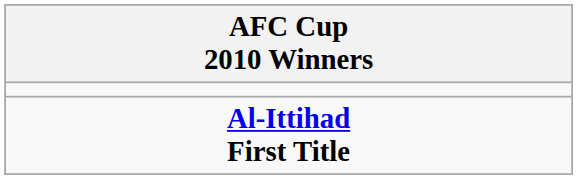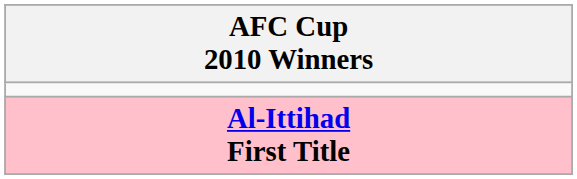 <table class="wikitable" style="text-align: center; margin: 0 auto; width: 20%">
 <tr>
 <th>AFC Cup <br>2010 Winners</th>
 </tr>
 <tr>
 <td></td>
 </tr>
 <tr>
-<td><strong><a href='#'>Al-Ittihad</a></strong><br><strong>First Title</strong></td>
+<td style="background: pink;"><strong><a href='#'>Al-Ittihad</a></strong><br><strong>First Title</strong></td>
 </tr>
 </table>
